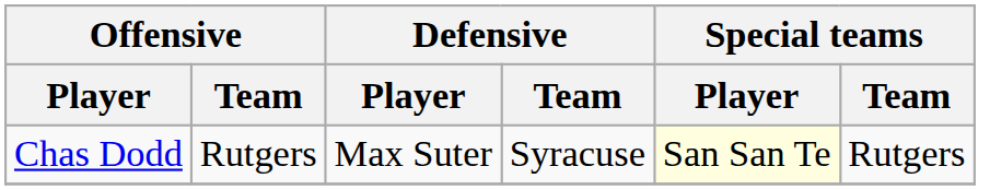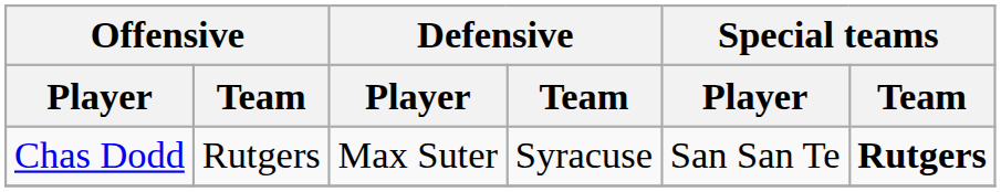 <table class="wikitable" border="1">
 <tr>
 <th colspan="2">Offensive</th>
 <th colspan="2">Defensive</th>
 <th colspan="2">Special teams</th>
 </tr>
 <tr>
 <th>Player</th>
 <th>Team</th>
 <th>Player</th>
 <th>Team</th>
 <th>Player</th>
 <th>Team</th>
 </tr>
 <tr>
 <td><a href='#'>Chas Dodd</a></td>
 <td>Rutgers</td>
 <td>Max Suter</td>
 <td>Syracuse</td>
-<td style="background: lightyellow;">San San Te</td>
-<td>Rutgers</td>
+<td>San San Te</td>
+<td><strong>Rutgers</strong></td>
 </tr>
 <tr>
 </tr>
 </table>
